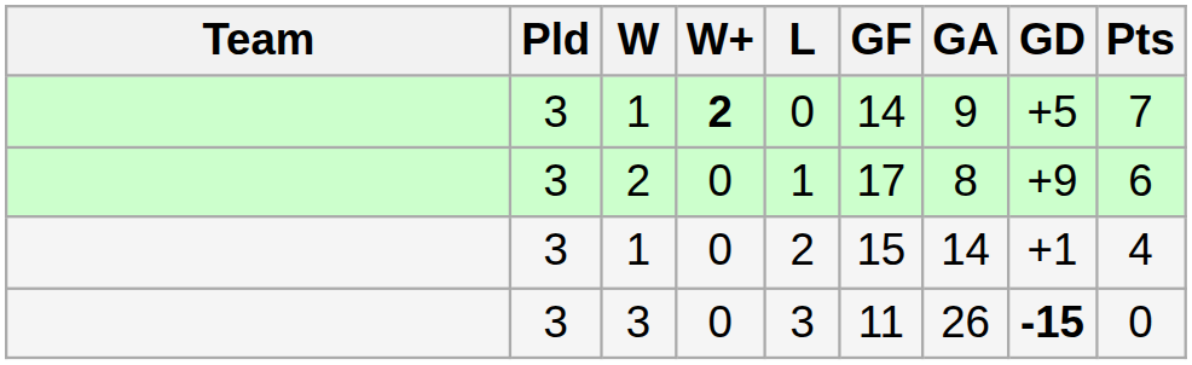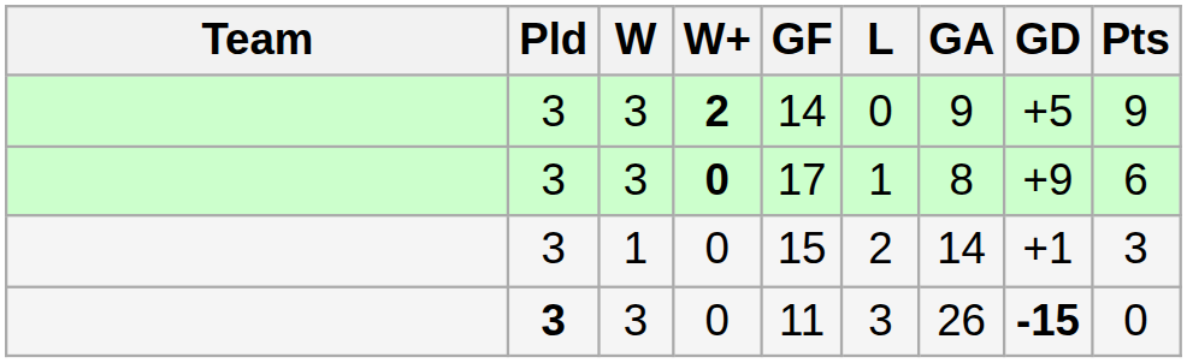 <table class="wikitable" style="text-align: center;">
 <tr>
 <th width="175">Team</th>
 <th width="20">Pld</th>
 <th width="20">W</th>
 <th width="20">W+</th>
+<th width="20">GF</th>
 <th width="20">L</th>
-<th width="20">GF</th>
 <th width="20">GA</th>
 <th width="20">GD</th>
 <th width="20">Pts</th>
 </tr>
 <tr align=center style="background:#ccffcc;">
 <td style="text-align:left;"></td>
 <td>3</td>
-<td>1</td>
+<td>3</td>
 <td><strong>2</strong></td>
+<td>14</td>
 <td>0</td>
-<td>14</td>
 <td>9</td>
 <td>+5</td>
-<td>7</td>
+<td>9</td>
 </tr>
 <tr align=center style="background:#ccffcc;">
 <td style="text-align:left;"></td>
 <td>3</td>
-<td>2</td>
-<td>0</td>
+<td>3</td>
+<td><strong>0</strong></td>
+<td>17</td>
 <td>1</td>
-<td>17</td>
 <td>8</td>
 <td>+9</td>
 <td>6</td>
 </tr>
 <tr align=center style="background:#f5f5f5;">
 <td style="text-align:left;"></td>
 <td>3</td>
 <td>1</td>
 <td>0</td>
+<td>15</td>
 <td>2</td>
-<td>15</td>
 <td>14</td>
 <td>+1</td>
-<td>4</td>
+<td>3</td>
 </tr>
 <tr align=center style="background:#f5f5f5;">
 <td style="text-align:left;"></td>
-<td>3</td>
+<td><strong>3</strong></td>
 <td>3</td>
 <td>0</td>
+<td>11</td>
 <td>3</td>
-<td>11</td>
 <td>26</td>
 <td><strong>-15</strong></td>
 <td>0</td>
 </tr>
 </table>
